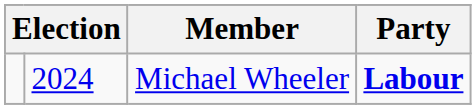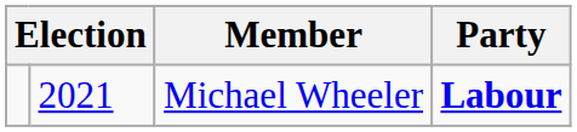 <table class="wikitable">
 <tr>
 <th colspan="2">Election</th>
 <th>Member</th>
 <th>Party</th>
 </tr>
 <tr>
 <td style="color:inherit;background-color: "></td>
-<td><a href='#'>2024</a></td>
+<td><a href='#'>2021</a></td>
 <td><a href='#'>Michael Wheeler</a></td>
 <td><strong><a href='#'>Labour</a></strong></td>
 </tr>
 </table>
